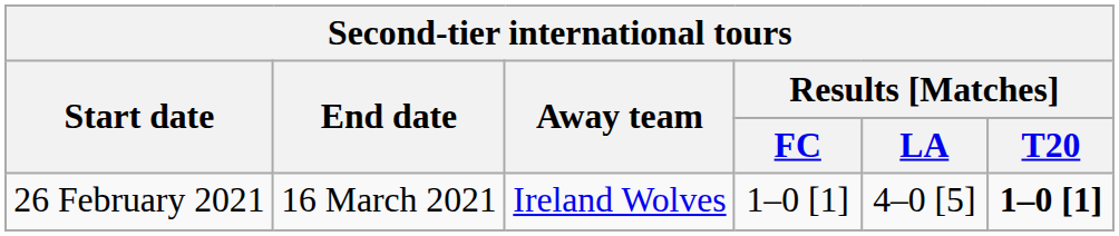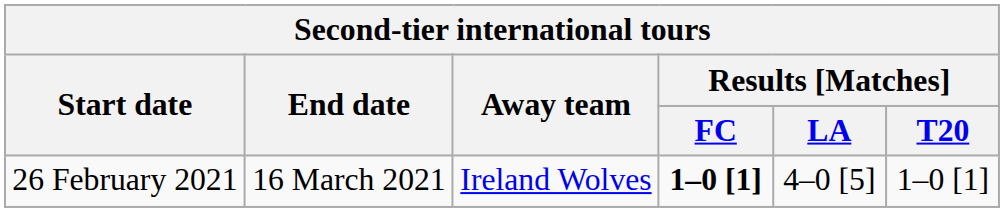 <table class="wikitable" style="text-align:center; white-space:nowrap">
 <tr>
 <th colspan="6">Second-tier international tours</th>
 </tr>
 <tr>
 <th rowspan=2>Start date</th>
 <th rowspan="2">End date</th>
 <th rowspan=2>Away team</th>
 <th colspan=3>Results [Matches]</th>
 </tr>
 <tr>
 <th width=50><a href='#'>FC</a></th>
 <th width=50><a href='#'>LA</a></th>
 <th width=50><a href='#'>T20</a></th>
 </tr>
 <tr>
 <td style="text-align:left">26 February 2021</td>
 <td>16 March 2021</td>
 <td style="text-align:left"> <a href='#'>Ireland Wolves</a></td>
+<td><strong>1–0 [1]</strong></td>
+<td>4–0 [5]</td>
 <td>1–0 [1]</td>
-<td>4–0 [5]</td>
-<td><strong>1–0 [1]</strong></td>
 </tr>
 </table>
